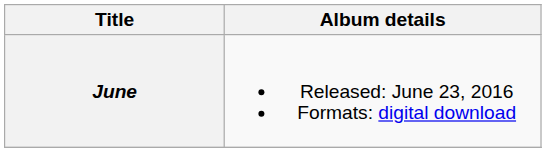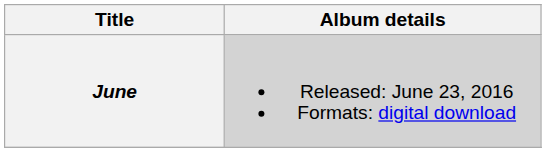 <table class="wikitable plainrowheaders" style="text-align:center;">
 <tr>
 <th scope="col" style="width:11em;">Title</th>
 <th scope="col" style="width:16em;">Album details</th>
 </tr>
 <tr>
 <th scope="row"><em>June</em></th>
-<td><br><ul><li>Released: June 23, 2016</li><li>Formats: <a href='#'>digital download</a></li></ul></td>
+<td style="background: lightgrey;"><br><ul><li>Released: June 23, 2016</li><li>Formats: <a href='#'>digital download</a></li></ul></td>
 </tr>
 <tr>
 </tr>
 </table>
